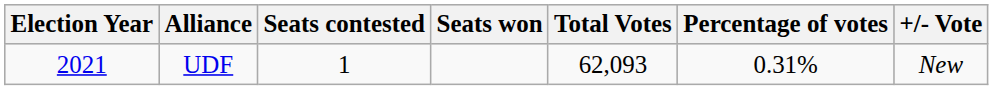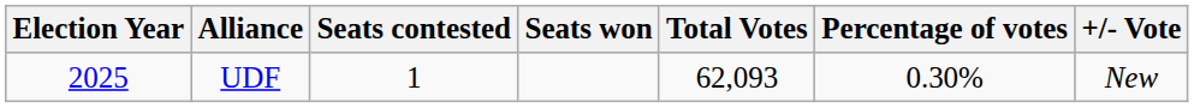 <table class="wikitable" style="text-align:center">
 <tr>
 <th Style="background-color:">Election Year</th>
 <th Style="background-color:">Alliance</th>
 <th Style="background-color:">Seats contested</th>
 <th Style="background-color:">Seats won</th>
 <th Style="background-color:">Total Votes</th>
 <th Style="background-color:">Percentage of votes</th>
 <th Style="background-color:">+/- Vote</th>
 </tr>
 <tr>
-<td><a href='#'>2021</a></td>
+<td><a href='#'>2025</a></td>
 <td><a href='#'>UDF</a></td>
 <td>1</td>
 <td></td>
 <td>62,093</td>
-<td>0.31%</td>
+<td>0.30%</td>
 <td><em>New</em></td>
 </tr>
 </table>
